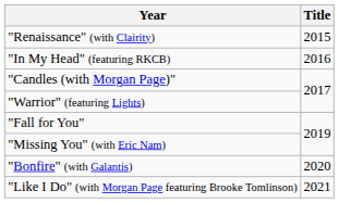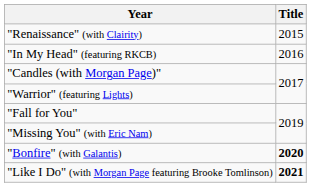 <table class="wikitable plainrowheaders">
 <tr>
 <th>Year</th>
 <th>Title</th>
 </tr>
 <tr>
 <td>"Renaissance" <small>(with <a href='#'>Clairity</a>)</small></td>
 <td align="center" rowspan="1">2015</td>
 </tr>
 <tr>
 <td>"In My Head" <small>(featuring RKCB)</small></td>
 <td align="center" rowspan="1">2016</td>
 </tr>
 <tr>
 <td>"Candles (with <a href='#'>Morgan Page</a>)"</td>
 <td align="center" rowspan="2">2017</td>
 </tr>
 <tr>
 <td>"Warrior" <small>(featuring <a href='#'>Lights</a>)</small></td>
 </tr>
 <tr>
 <td>"Fall for You"</td>
 <td rowspan="2">2019</td>
 </tr>
 <tr>
 <td>"Missing You" <small>(with <a href='#'>Eric Nam</a>)</small></td>
 </tr>
 <tr>
 <td>"<a href='#'>Bonfire</a>" <small>(with <a href='#'>Galantis</a>)</small></td>
-<td>2020</td>
+<td><strong>2020</strong></td>
 </tr>
 <tr>
 <td>"Like I Do" <small>(with <a href='#'>Morgan Page</a> featuring Brooke Tomlinson)</small></td>
-<td>2021</td>
+<td><strong>2021</strong></td>
 </tr>
 </table>
